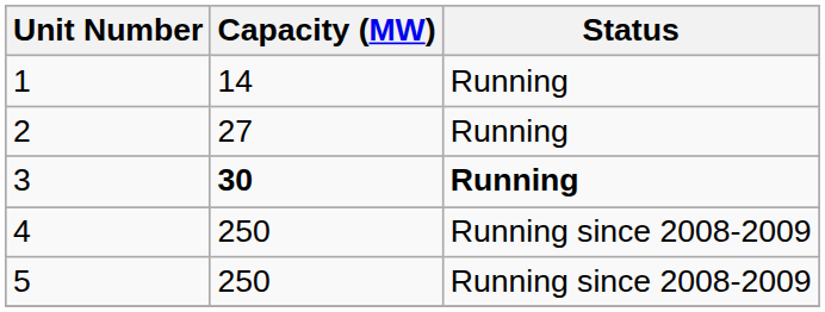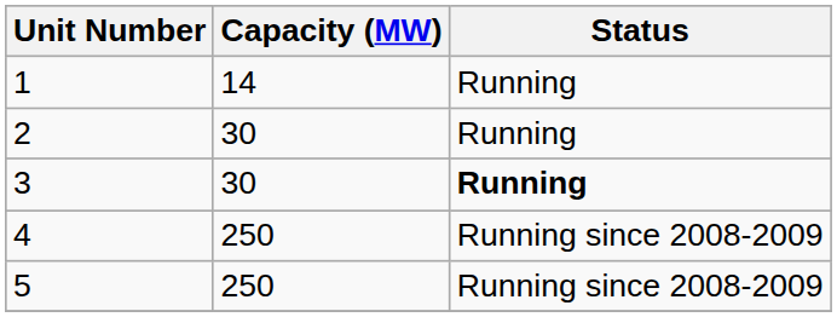 <table class="sortable wikitable">
 <tr>
 <th>Unit Number</th>
 <th>Capacity (<a href='#'>MW</a>)</th>
 <th>Status</th>
 </tr>
 <tr>
 <td>1</td>
 <td>14</td>
 <td>Running</td>
 </tr>
 <tr>
 <td>2</td>
-<td>27</td>
+<td>30</td>
 <td>Running</td>
 </tr>
 <tr>
 <td>3</td>
-<td><strong>30</strong></td>
+<td>30</td>
 <td><strong>Running</strong></td>
 </tr>
 <tr>
 <td>4</td>
 <td>250</td>
 <td>Running since 2008-2009</td>
 </tr>
 <tr>
 <td>5</td>
 <td>250</td>
 <td>Running since 2008-2009</td>
 </tr>
 <tr>
 </tr>
 </table>
